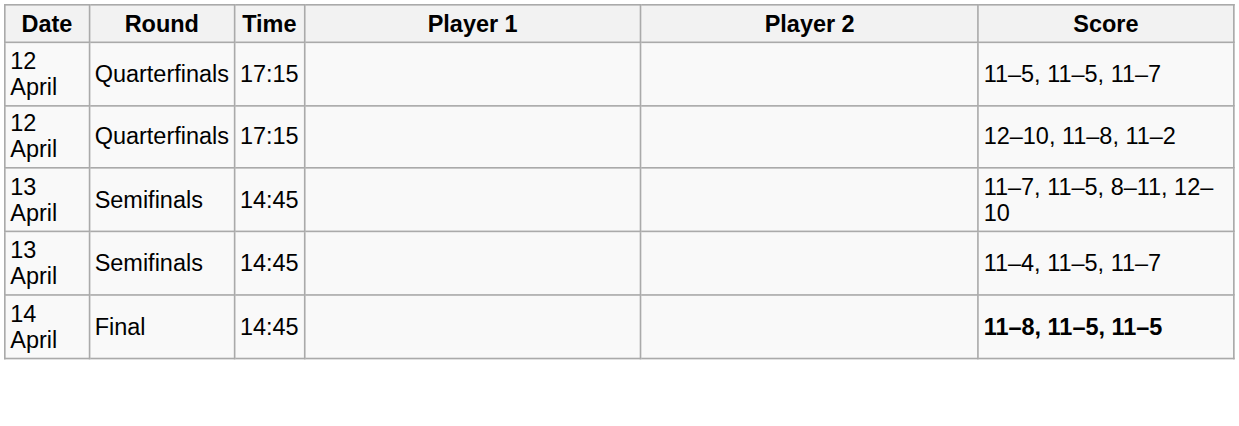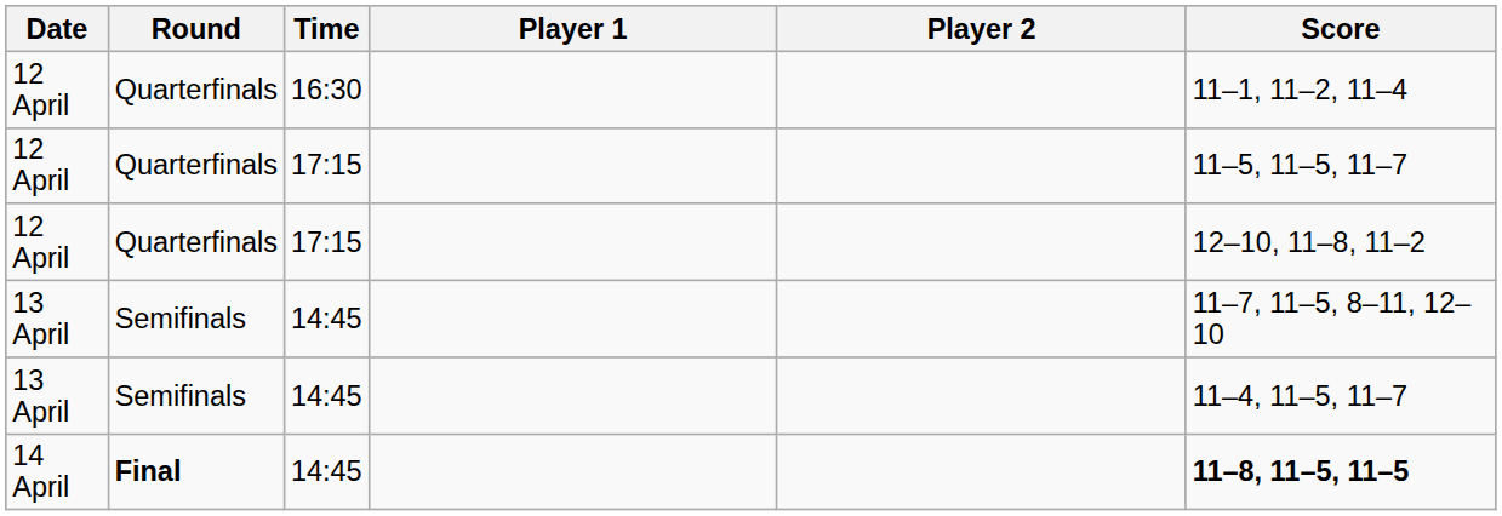 <table class="sortable wikitable" style="font-size:90%">
 <tr>
 <th width="45" class="unsortable">Date</th>
 <th width="55">Round</th>
 <th width="30">Time</th>
 <th width="200">Player 1</th>
 <th width="200">Player 2</th>
 <th width="150" class="unsortable">Score</th>
+</tr>
+<tr>
+<td>12 April</td>
+<td>Quarterfinals</td>
+<td>16:30</td>
+<td></td>
+<td><strong></strong></td>
+<td>11–1, 11–2, 11–4</td>
 </tr>
 <tr>
 <td>12 April</td>
 <td>Quarterfinals</td>
 <td>17:15</td>
 <td><strong></strong></td>
 <td></td>
 <td>11–5, 11–5, 11–7</td>
 </tr>
 <tr>
 <td>12 April</td>
 <td>Quarterfinals</td>
 <td>17:15</td>
 <td><strong></strong></td>
 <td></td>
 <td>12–10, 11–8, 11–2</td>
 </tr>
 <tr>
 <td>13 April</td>
 <td>Semifinals</td>
 <td>14:45</td>
 <td><strong></strong></td>
 <td></td>
 <td>11–7, 11–5, 8–11, 12–10</td>
 </tr>
 <tr>
 <td>13 April</td>
 <td>Semifinals</td>
 <td>14:45</td>
 <td></td>
 <td><strong></strong></td>
 <td>11–4, 11–5, 11–7</td>
 </tr>
 <tr>
 <td>14 April</td>
-<td>Final</td>
+<td><strong>Final</strong></td>
 <td>14:45</td>
 <td><strong></strong></td>
 <td></td>
 <td><strong>11–8, 11–5, 11–5</strong></td>
 </tr>
 </table>
